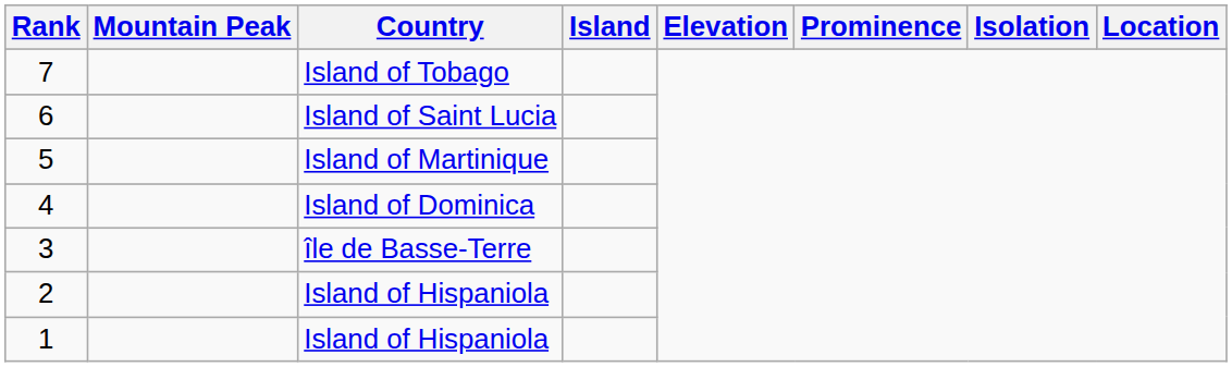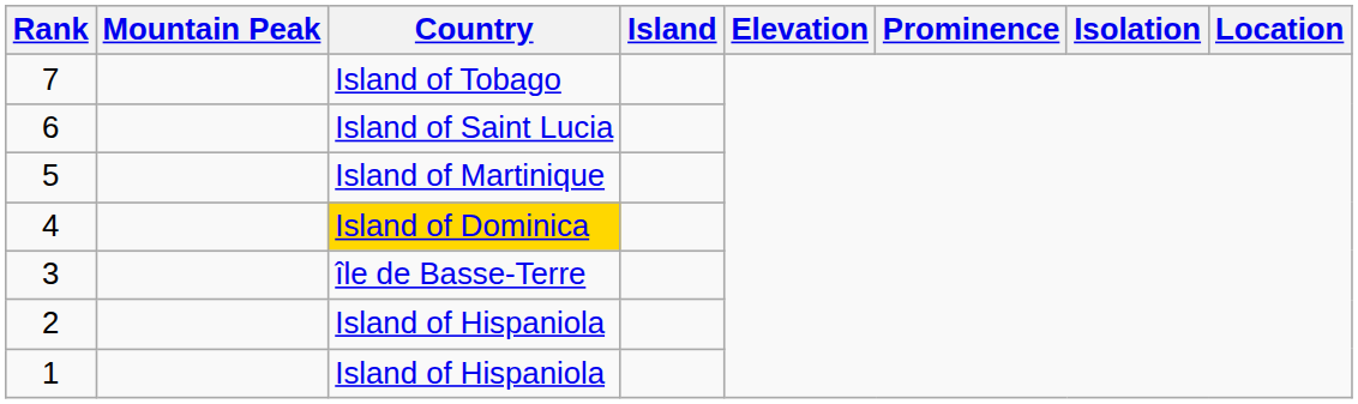 <table class="wikitable sortable">
 <tr>
 <th><a href='#'>Rank</a></th>
 <th><a href='#'>Mountain Peak</a></th>
 <th><a href='#'>Country</a></th>
 <th><a href='#'>Island</a></th>
 <th><a href='#'>Elevation</a></th>
 <th><a href='#'>Prominence</a></th>
 <th><a href='#'>Isolation</a></th>
 <th><a href='#'>Location</a></th>
 </tr>
 <tr>
 <td align=center>7<br></td>
 <td></td>
 <td><a href='#'>Island of Tobago</a><br></td>
 <td></td>
 </tr>
 <tr>
 <td align=center>6<br></td>
 <td></td>
 <td><a href='#'>Island of Saint Lucia</a><br></td>
 <td></td>
 </tr>
 <tr>
 <td align=center>5<br></td>
 <td></td>
 <td><a href='#'>Island of Martinique</a><br></td>
 <td></td>
 </tr>
 <tr>
 <td align=center>4<br></td>
 <td></td>
-<td><a href='#'>Island of Dominica</a><br></td>
+<td style="background: gold;"><a href='#'>Island of Dominica</a><br></td>
 <td></td>
 </tr>
 <tr>
 <td align=center>3<br></td>
 <td></td>
 <td><a href='#'>île de Basse-Terre</a><br></td>
 <td></td>
 </tr>
 <tr>
 <td align=center>2<br></td>
 <td></td>
 <td><a href='#'>Island of Hispaniola</a><br></td>
 <td></td>
 </tr>
 <tr>
 <td align=center>1<br></td>
 <td></td>
 <td><a href='#'>Island of Hispaniola</a><br></td>
 <td></td>
 </tr>
 </table>
